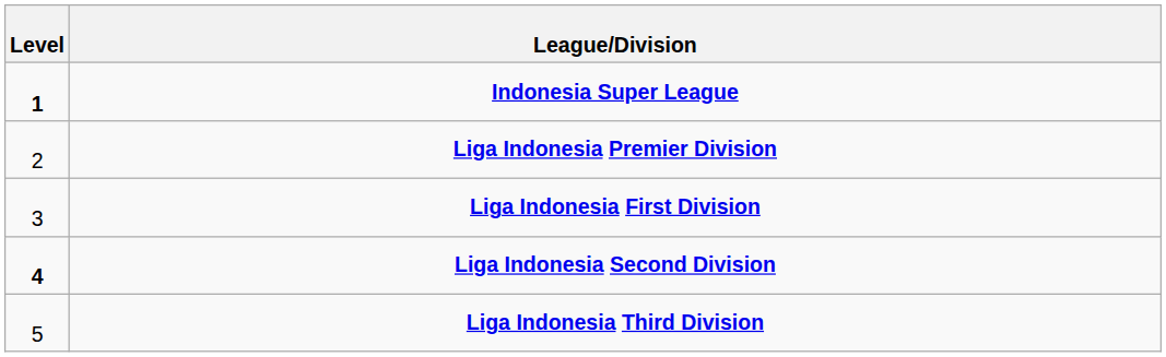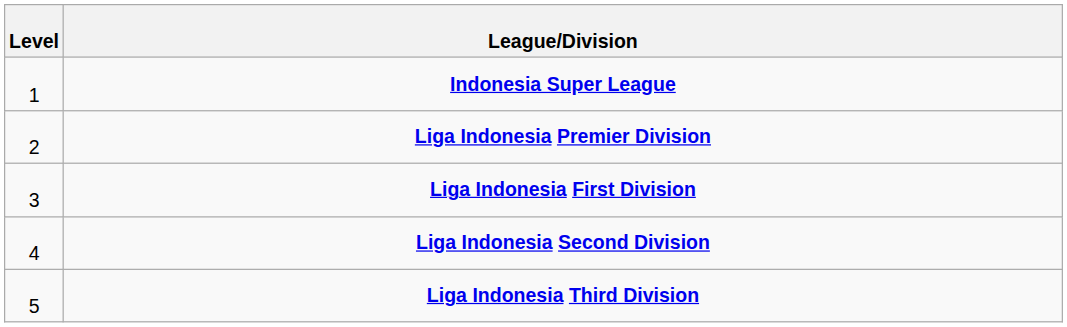 <table class="wikitable" style="text-align: center;">
 <tr>
 <th colspan="1" width="4%"><br>Level</th>
 <th colspan="18" width="96%"><br>League/Division</th>
 </tr>
 <tr>
-<td colspan="1" width="4%"><strong><br>1</strong></td>
+<td colspan="1" width="4%"><br>1</td>
 <td colspan="18" width="96%"><strong><a href='#'>Indonesia Super League</a></strong></td>
 </tr>
 <tr>
 <td colspan="1" width="4%"><br>2</td>
 <td colspan="18" width="96%"><strong><a href='#'>Liga Indonesia</a> <a href='#'>Premier Division</a></strong></td>
 </tr>
 <tr>
 <td colspan="1" width="4%"><br>3</td>
 <td colspan="18" width="96%"><strong><a href='#'>Liga Indonesia</a> <a href='#'>First Division</a></strong></td>
 </tr>
 <tr>
-<td colspan="1" width="4%"><strong><br>4</strong></td>
+<td colspan="1" width="4%"><br>4</td>
 <td colspan="18" width="96%"><strong><a href='#'>Liga Indonesia</a> <a href='#'>Second Division</a></strong></td>
 </tr>
 <tr>
 <td colspan="1" width="4%"><br>5</td>
 <td colspan="18" width="96%"><strong><a href='#'>Liga Indonesia</a> <a href='#'>Third Division</a></strong></td>
 </tr>
 </table>
